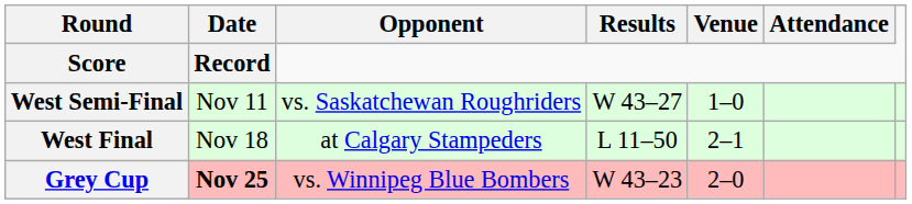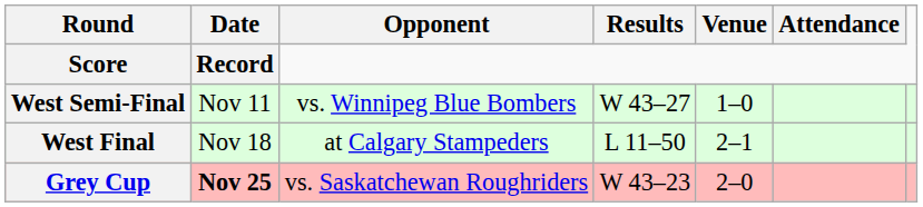 <table class="wikitable" style="text-align:center">
 <tr>
 <th>Round</th>
 <th>Date</th>
 <th>Opponent</th>
 <th>Results</th>
 <th>Venue</th>
 <th>Attendance</th>
 </tr>
 <tr>
 <th>Score</th>
 <th>Record</th>
 </tr>
 <tr style="background:#ddffdd">
 <th>West Semi-Final</th>
 <td>Nov 11</td>
-<td>vs. <a href='#'>Saskatchewan Roughriders</a></td>
+<td>vs. <a href='#'>Winnipeg Blue Bombers</a></td>
 <td>W 43–27</td>
 <td>1–0</td>
 <td></td>
 <td></td>
 </tr>
 <tr style="background:#ddffdd">
 <th>West Final</th>
 <td>Nov 18</td>
 <td>at <a href='#'>Calgary Stampeders</a></td>
 <td>L 11–50</td>
 <td>2–1</td>
 <td></td>
 <td></td>
 </tr>
 <tr style="background:#ffbbbb">
 <th><a href='#'>Grey Cup</a></th>
 <td><strong>Nov 25</strong></td>
-<td>vs. <a href='#'>Winnipeg Blue Bombers</a></td>
+<td>vs. <a href='#'>Saskatchewan Roughriders</a></td>
 <td>W 43–23</td>
 <td>2–0</td>
 <td></td>
 <td></td>
 </tr>
 </table>
